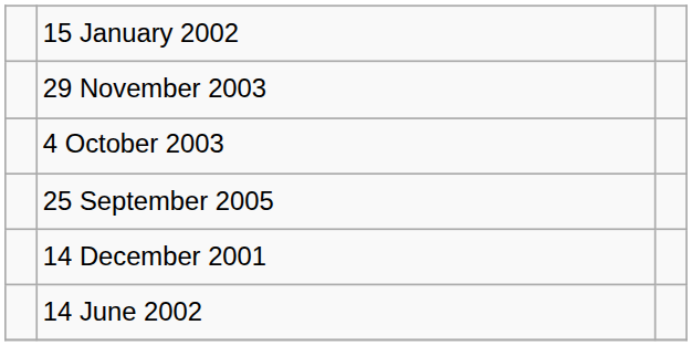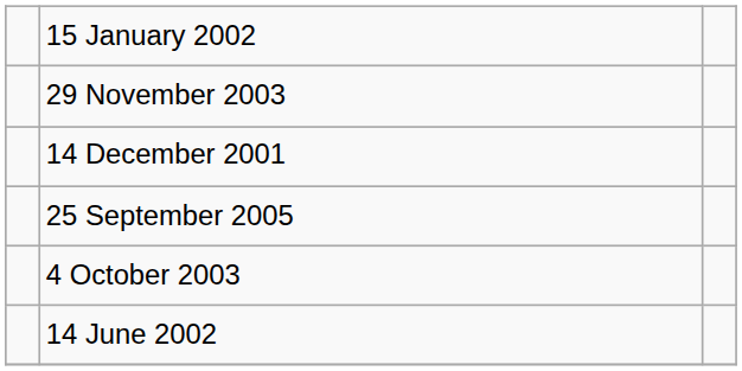 <table class="wikitable" style="font-size: 89%; float: left; width: 26em; margin-right: 1em; line-height: 1.65em !important;">
 <tr>
 <td></td>
 <td>15 January 2002</td>
 <td></td>
 </tr>
 <tr>
 <td></td>
 <td>29 November 2003</td>
 <td></td>
 </tr>
 <tr>
 <td></td>
-<td>4 October 2003</td>
+<td>14 December 2001</td>
 <td></td>
 </tr>
 <tr>
 <td></td>
 <td>25 September 2005</td>
 <td></td>
 </tr>
 <tr>
 <td></td>
-<td>14 December 2001</td>
+<td>4 October 2003</td>
 <td></td>
 </tr>
 <tr>
 <td></td>
 <td>14 June 2002</td>
 <td></td>
 </tr>
 <tr>
 </tr>
 </table>
